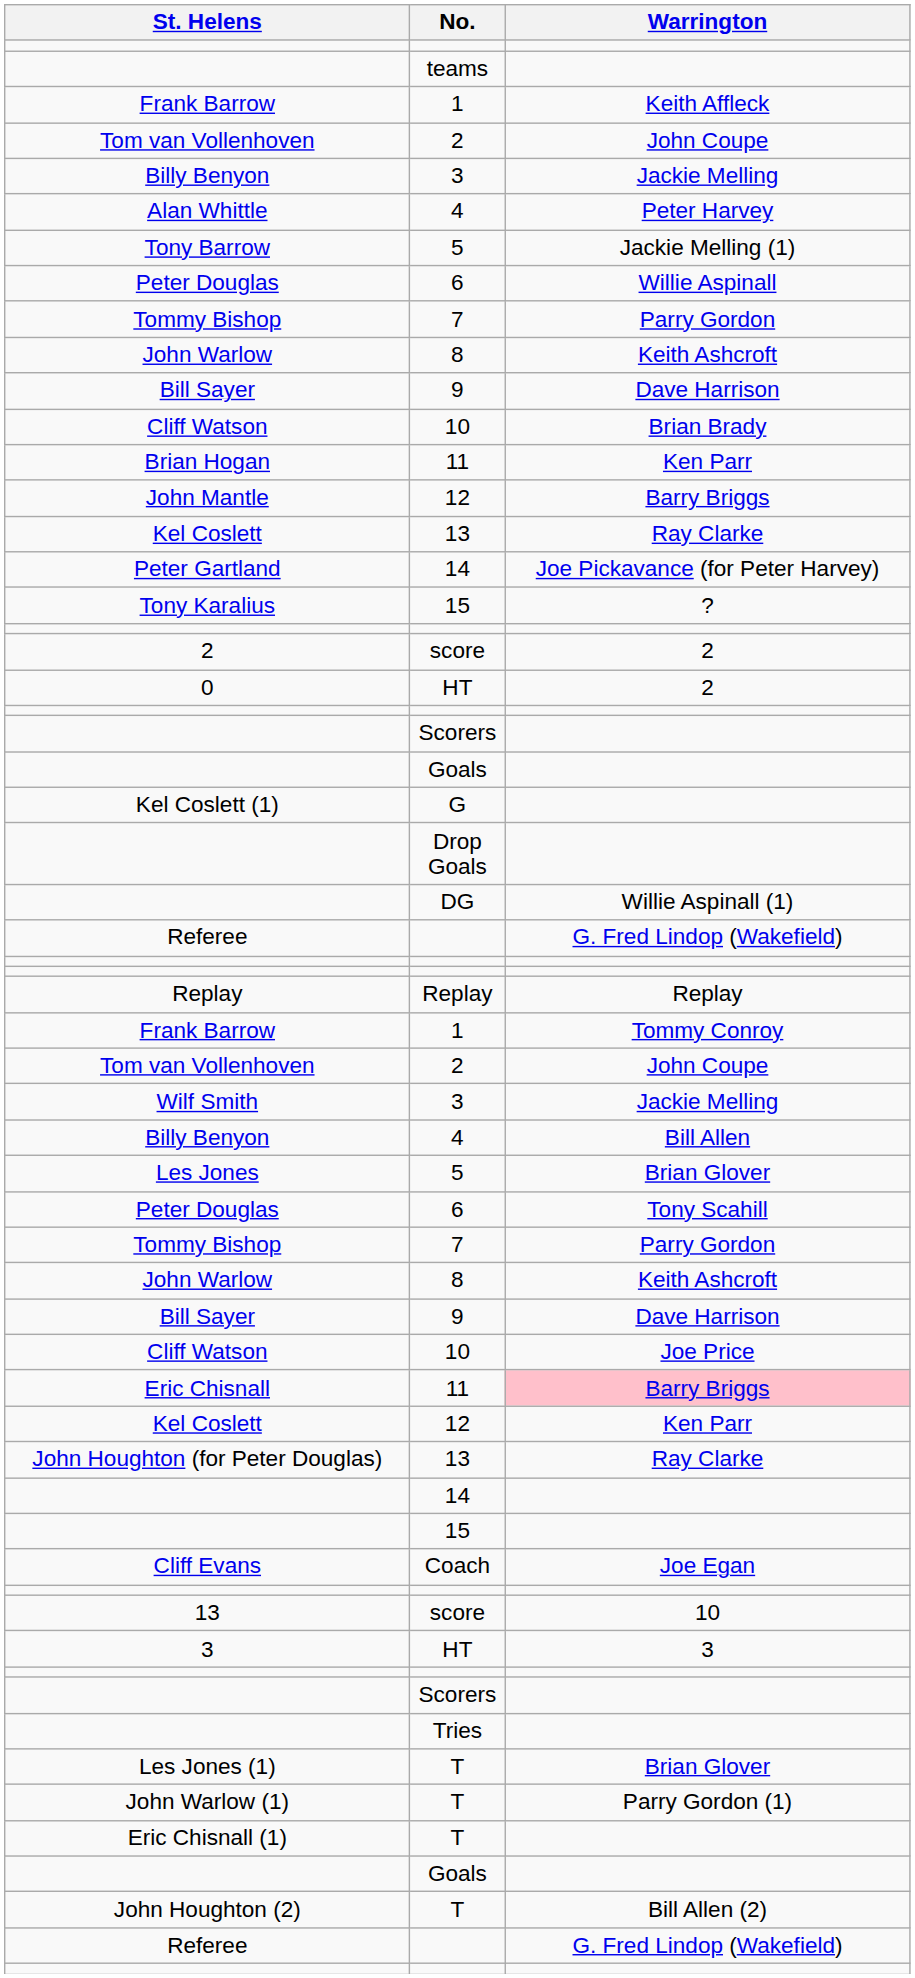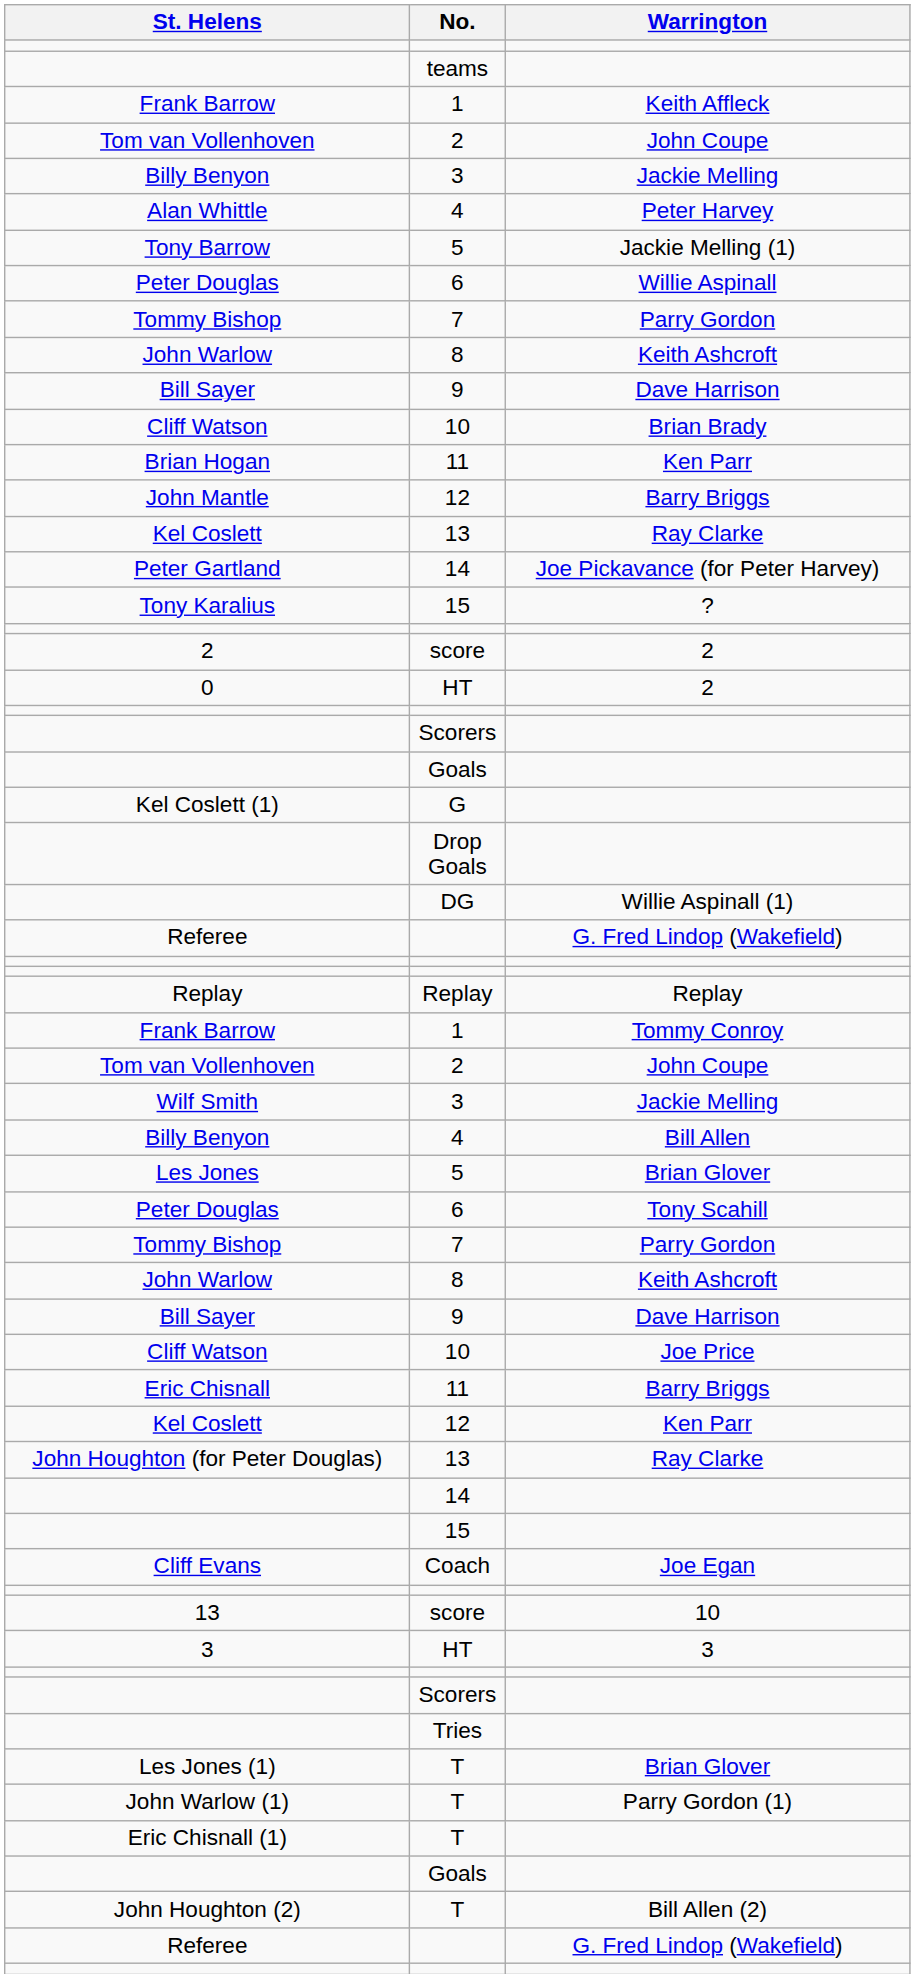 <table class="wikitable" style="text-align:center;">
 <tr>
 <th width=280 abbr="St Helens"><a href='#'>St. Helens</a></th>
 <th width=60 abbr="Number">No.</th>
 <th width=280 abbr="Warrington"><a href='#'>Warrington</a></th>
 </tr>
 <tr>
 <td></td>
 <td></td>
 <td></td>
 </tr>
 <tr>
 <td></td>
 <td>teams</td>
 <td></td>
 </tr>
 <tr>
 <td><a href='#'>Frank Barrow</a></td>
 <td>1</td>
 <td><a href='#'>Keith Affleck</a> </td>
 </tr>
 <tr>
 <td><a href='#'>Tom van Vollenhoven</a></td>
 <td>2</td>
 <td><a href='#'>John Coupe</a> </td>
 </tr>
 <tr>
 <td><a href='#'>Billy Benyon</a></td>
 <td>3</td>
 <td><a href='#'>Jackie Melling</a></td>
 </tr>
 <tr>
 <td><a href='#'>Alan Whittle</a></td>
 <td>4</td>
 <td><a href='#'>Peter Harvey</a> </td>
 </tr>
 <tr>
 <td><a href='#'>Tony Barrow</a></td>
 <td>5</td>
 <td>Jackie Melling (1)</td>
 </tr>
 <tr>
 <td><a href='#'>Peter Douglas</a></td>
 <td>6</td>
 <td><a href='#'>Willie Aspinall</a></td>
 </tr>
 <tr>
 <td><a href='#'>Tommy Bishop</a></td>
 <td>7</td>
 <td><a href='#'>Parry Gordon</a></td>
 </tr>
 <tr>
 <td><a href='#'>John Warlow</a></td>
 <td>8</td>
 <td><a href='#'>Keith Ashcroft</a></td>
 </tr>
 <tr>
 <td><a href='#'>Bill Sayer</a></td>
 <td>9</td>
 <td><a href='#'>Dave Harrison</a> </td>
 </tr>
 <tr>
 <td><a href='#'>Cliff Watson</a></td>
 <td>10</td>
 <td><a href='#'>Brian Brady</a> </td>
 </tr>
 <tr>
 <td><a href='#'>Brian Hogan</a></td>
 <td>11</td>
 <td><a href='#'>Ken Parr</a></td>
 </tr>
 <tr>
 <td><a href='#'>John Mantle</a></td>
 <td>12</td>
 <td><a href='#'>Barry Briggs</a> </td>
 </tr>
 <tr>
 <td><a href='#'>Kel Coslett</a></td>
 <td>13</td>
 <td><a href='#'>Ray Clarke</a> </td>
 </tr>
 <tr>
 <td><a href='#'>Peter Gartland</a></td>
 <td>14</td>
 <td><a href='#'>Joe Pickavance</a> (for Peter Harvey)</td>
 </tr>
 <tr>
 <td><a href='#'>Tony Karalius</a></td>
 <td>15</td>
 <td>?</td>
 </tr>
 <tr>
 <td></td>
 <td></td>
 <td></td>
 </tr>
 <tr>
 <td>2</td>
 <td>score</td>
 <td>2</td>
 </tr>
 <tr>
 <td>0</td>
 <td>HT</td>
 <td>2</td>
 </tr>
 <tr>
 <td></td>
 <td></td>
 <td></td>
 </tr>
 <tr>
 <td></td>
 <td>Scorers</td>
 <td></td>
 </tr>
 <tr>
 <td></td>
 <td>Goals</td>
 <td></td>
 </tr>
 <tr>
 <td>Kel Coslett (1)</td>
 <td>G</td>
 <td></td>
 </tr>
 <tr>
 <td></td>
 <td>Drop Goals</td>
 <td></td>
 </tr>
 <tr>
 <td></td>
 <td>DG</td>
 <td>Willie Aspinall (1)</td>
 </tr>
 <tr>
 <td>Referee</td>
 <td></td>
 <td><a href='#'>G. Fred Lindop</a> (<a href='#'>Wakefield</a>)</td>
 </tr>
 <tr>
 <td></td>
 <td></td>
 <td></td>
 </tr>
 <tr>
 <td></td>
 <td></td>
 <td></td>
 </tr>
 <tr>
 <td>Replay</td>
 <td>Replay</td>
 <td>Replay</td>
 </tr>
 <tr>
 <td><a href='#'>Frank Barrow</a></td>
 <td>1</td>
 <td><a href='#'>Tommy Conroy</a> </td>
 </tr>
 <tr>
 <td><a href='#'>Tom van Vollenhoven</a></td>
 <td>2</td>
 <td><a href='#'>John Coupe</a> </td>
 </tr>
 <tr>
 <td><a href='#'>Wilf Smith</a></td>
 <td>3</td>
 <td><a href='#'>Jackie Melling</a></td>
 </tr>
 <tr>
 <td><a href='#'>Billy Benyon</a></td>
 <td>4</td>
 <td><a href='#'>Bill Allen</a> </td>
 </tr>
 <tr>
 <td><a href='#'>Les Jones</a></td>
 <td>5</td>
 <td><a href='#'>Brian Glover</a></td>
 </tr>
 <tr>
 <td><a href='#'>Peter Douglas</a></td>
 <td>6</td>
 <td><a href='#'>Tony Scahill</a> </td>
 </tr>
 <tr>
 <td><a href='#'>Tommy Bishop</a></td>
 <td>7</td>
 <td><a href='#'>Parry Gordon</a></td>
 </tr>
 <tr>
 <td><a href='#'>John Warlow</a></td>
 <td>8</td>
 <td><a href='#'>Keith Ashcroft</a></td>
 </tr>
 <tr>
 <td><a href='#'>Bill Sayer</a></td>
 <td>9</td>
 <td><a href='#'>Dave Harrison</a> </td>
 </tr>
 <tr>
 <td><a href='#'>Cliff Watson</a></td>
 <td>10</td>
 <td><a href='#'>Joe Price</a> </td>
 </tr>
 <tr>
 <td><a href='#'>Eric Chisnall</a></td>
 <td>11</td>
-<td style="background: pink;"><a href='#'>Barry Briggs</a> </td>
+<td><a href='#'>Barry Briggs</a> </td>
 </tr>
 <tr>
 <td><a href='#'>Kel Coslett</a></td>
 <td>12</td>
 <td><a href='#'>Ken Parr</a></td>
 </tr>
 <tr>
 <td><a href='#'>John Houghton</a> (for Peter Douglas)</td>
 <td>13</td>
 <td><a href='#'>Ray Clarke</a> </td>
 </tr>
 <tr>
 <td></td>
 <td>14</td>
 <td></td>
 </tr>
 <tr>
 <td></td>
 <td>15</td>
 <td></td>
 </tr>
 <tr>
 <td><a href='#'>Cliff Evans</a></td>
 <td>Coach</td>
 <td><a href='#'>Joe Egan</a></td>
 </tr>
 <tr>
 <td></td>
 <td></td>
 <td></td>
 </tr>
 <tr>
 <td>13</td>
 <td>score</td>
 <td>10</td>
 </tr>
 <tr>
 <td>3</td>
 <td>HT</td>
 <td>3</td>
 </tr>
 <tr>
 <td></td>
 <td></td>
 <td></td>
 </tr>
 <tr>
 <td></td>
 <td>Scorers</td>
 <td></td>
 </tr>
 <tr>
 <td></td>
 <td>Tries</td>
 <td></td>
 </tr>
 <tr>
 <td>Les Jones (1)</td>
 <td>T</td>
 <td><a href='#'>Brian Glover</a></td>
 </tr>
 <tr>
 <td>John Warlow (1)</td>
 <td>T</td>
 <td>Parry Gordon (1)</td>
 </tr>
 <tr>
 <td>Eric Chisnall (1)</td>
 <td>T</td>
 <td></td>
 </tr>
 <tr>
 <td></td>
 <td>Goals</td>
 <td></td>
 </tr>
 <tr>
 <td>John Houghton (2)</td>
 <td>T</td>
 <td>Bill Allen (2)</td>
 </tr>
 <tr>
 <td>Referee</td>
 <td></td>
 <td><a href='#'>G. Fred Lindop</a> (<a href='#'>Wakefield</a>)</td>
 </tr>
 <tr>
 <td></td>
 <td></td>
 <td></td>
 </tr>
 </table>
